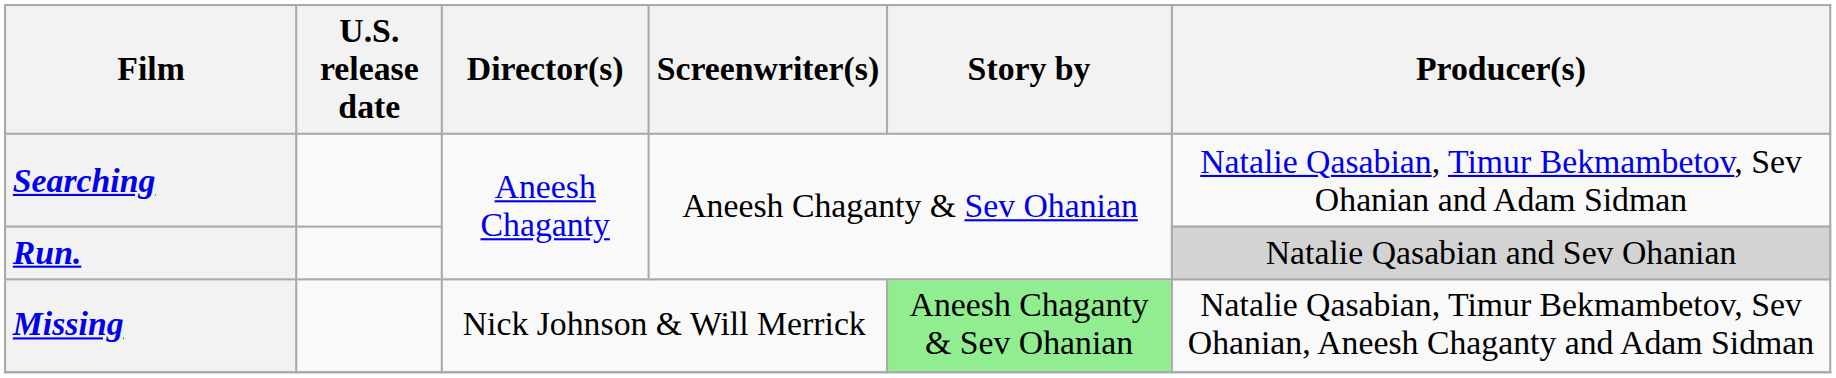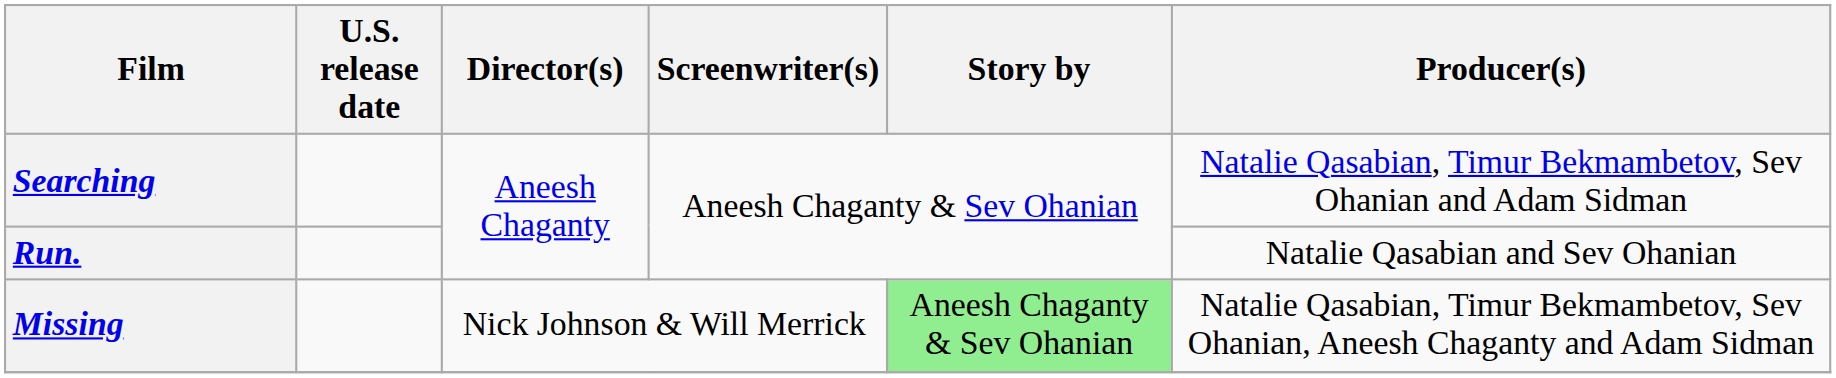 <table class="wikitable plainrowheaders" style="text-align:center" width=98%>
 <tr>
 <th scope="col" style="width:16%;">Film</th>
 <th scope="col">U.S. <br>release date</th>
 <th scope="col">Director(s)</th>
 <th scope="col">Screenwriter(s)</th>
 <th scope="col">Story by</th>
 <th scope="col">Producer(s)</th>
 </tr>
 <tr>
 <th scope="row" style="text-align:left"><em><a href='#'>Searching</a></em></th>
 <td style="text-align:center"></td>
 <td rowspan="2"><a href='#'>Aneesh Chaganty</a></td>
 <td rowspan="2" colspan="2">Aneesh Chaganty & <a href='#'>Sev Ohanian</a></td>
 <td><a href='#'>Natalie Qasabian</a>, <a href='#'>Timur Bekmambetov</a>, Sev Ohanian and Adam Sidman</td>
 </tr>
 <tr>
 <th scope="row" style="text-align:left"><em><a href='#'>Run.</a></em></th>
 <td style="text-align:center"></td>
-<td style="background: lightgrey;">Natalie Qasabian and Sev Ohanian</td>
+<td>Natalie Qasabian and Sev Ohanian</td>
 </tr>
 <tr>
 <th scope="row" style="text-align:left"><em><a href='#'>Missing</a></em></th>
 <td style="text-align:center"></td>
 <td colspan="2">Nick Johnson & Will Merrick</td>
 <td style="background: lightgreen;">Aneesh Chaganty & Sev Ohanian</td>
 <td>Natalie Qasabian, Timur Bekmambetov, Sev Ohanian, Aneesh Chaganty and Adam Sidman</td>
 </tr>
 <tr>
 </tr>
 </table>
